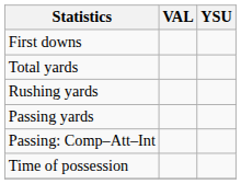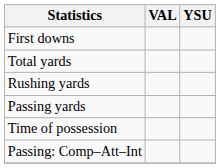 <table class="wikitable" style="float: left;">
 <tr>
 <th>Statistics</th>
 <th>VAL</th>
 <th>YSU</th>
 </tr>
 <tr>
 <td>First downs</td>
 <td></td>
 <td></td>
 </tr>
 <tr>
 <td>Total yards</td>
 <td></td>
 <td></td>
 </tr>
 <tr>
 <td>Rushing yards</td>
 <td></td>
 <td></td>
 </tr>
 <tr>
 <td>Passing yards</td>
 <td></td>
 <td></td>
 </tr>
 <tr>
-<td>Passing: Comp–Att–Int</td>
+<td>Time of possession</td>
 <td></td>
 <td></td>
 </tr>
 <tr>
-<td>Time of possession</td>
+<td>Passing: Comp–Att–Int</td>
 <td></td>
 <td></td>
 </tr>
 <tr>
 </tr>
 </table>
